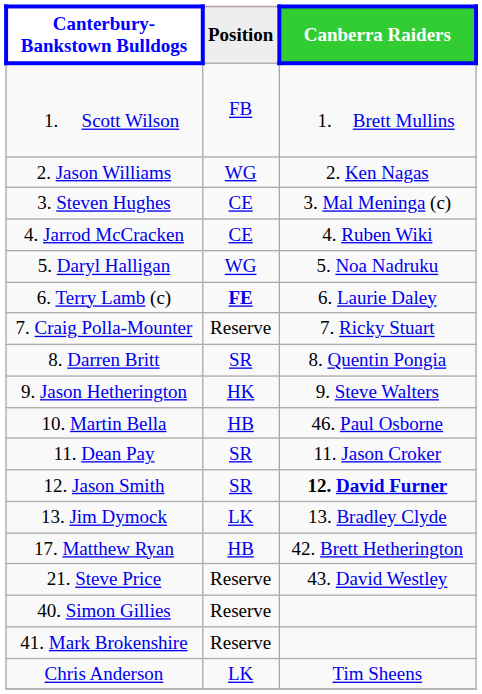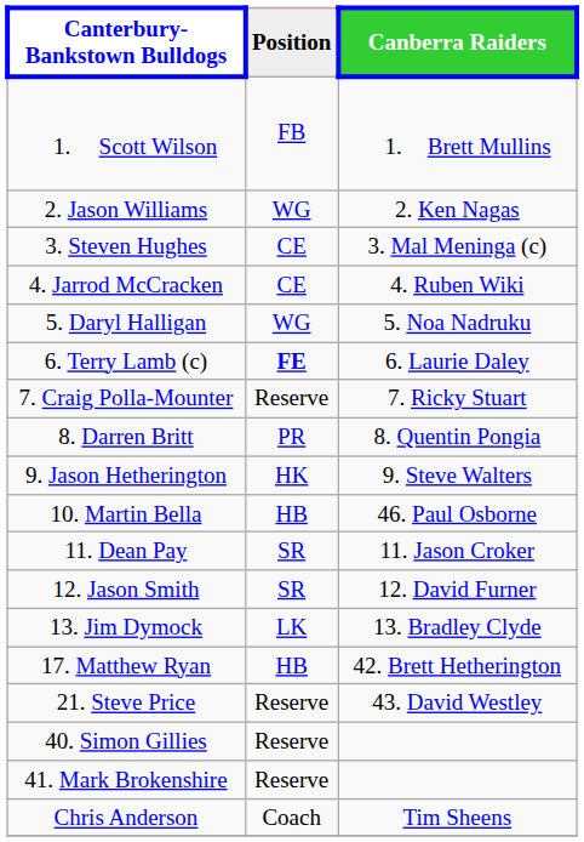 <table align="right" class="wikitable" style="font-size:90%; margin-left:1em">
 <tr bgcolor="#FF0033">
 <th style="width:140px; border:3px solid blue; background: white; color: blue">Canterbury-Bankstown Bulldogs</th>
 <th style="width:40px; text-align:center; background:#eee; color:black;">Position</th>
 <th style="width:140px; border:3px solid blue; background: #32CD32; color: white">Canberra Raiders</th>
 </tr>
 <tr align=center>
 <td><br><ol><li><a href='#'>Scott Wilson</a></li></ol></td>
 <td><a href='#'>FB</a></td>
 <td><br><ol><li><a href='#'>Brett Mullins</a></li></ol></td>
 </tr>
 <tr align=center>
 <td>2. <a href='#'>Jason Williams</a></td>
 <td><a href='#'>WG</a></td>
 <td>2. <a href='#'>Ken Nagas</a></td>
 </tr>
 <tr align=center>
 <td>3. <a href='#'>Steven Hughes</a></td>
 <td><a href='#'>CE</a></td>
 <td>3. <a href='#'>Mal Meninga</a> (c)</td>
 </tr>
 <tr align=center>
 <td>4. <a href='#'>Jarrod McCracken</a></td>
 <td><a href='#'>CE</a></td>
 <td>4. <a href='#'>Ruben Wiki</a></td>
 </tr>
 <tr align=center>
 <td>5. <a href='#'>Daryl Halligan</a></td>
 <td><a href='#'>WG</a></td>
 <td>5. <a href='#'>Noa Nadruku</a></td>
 </tr>
 <tr align=center>
 <td>6. <a href='#'>Terry Lamb</a> (c)</td>
 <td><strong><a href='#'>FE</a></strong></td>
 <td>6. <a href='#'>Laurie Daley</a></td>
 </tr>
 <tr align=center>
 <td>7. <a href='#'>Craig Polla-Mounter</a></td>
 <td>Reserve</td>
 <td>7. <a href='#'>Ricky Stuart</a></td>
 </tr>
 <tr align=center>
 <td>8. <a href='#'>Darren Britt</a></td>
-<td><a href='#'>SR</a></td>
+<td><a href='#'>PR</a></td>
 <td>8. <a href='#'>Quentin Pongia</a></td>
 </tr>
 <tr align=center>
 <td>9. <a href='#'>Jason Hetherington</a></td>
 <td><a href='#'>HK</a></td>
 <td>9. <a href='#'>Steve Walters</a></td>
 </tr>
 <tr align=center>
 <td>10. <a href='#'>Martin Bella</a></td>
 <td><a href='#'>HB</a></td>
 <td>46. <a href='#'>Paul Osborne</a></td>
 </tr>
 <tr align=center>
 <td>11. <a href='#'>Dean Pay</a></td>
 <td><a href='#'>SR</a></td>
 <td>11. <a href='#'>Jason Croker</a></td>
 </tr>
 <tr align=center>
 <td>12. <a href='#'>Jason Smith</a></td>
 <td><a href='#'>SR</a></td>
-<td><strong>12. <a href='#'>David Furner</a></strong></td>
+<td>12. <a href='#'>David Furner</a></td>
 </tr>
 <tr align=center>
 <td>13. <a href='#'>Jim Dymock</a></td>
 <td><a href='#'>LK</a></td>
 <td>13. <a href='#'>Bradley Clyde</a></td>
 </tr>
 <tr align=center>
 <td>17. <a href='#'>Matthew Ryan</a></td>
 <td><a href='#'>HB</a></td>
 <td>42. <a href='#'>Brett Hetherington</a></td>
 </tr>
 <tr align=center>
 <td>21. <a href='#'>Steve Price</a></td>
 <td>Reserve</td>
 <td>43. <a href='#'>David Westley</a></td>
 </tr>
 <tr align=center>
 <td>40. <a href='#'>Simon Gillies</a></td>
 <td>Reserve</td>
 <td></td>
 </tr>
 <tr align=center>
 <td>41. <a href='#'>Mark Brokenshire</a></td>
 <td>Reserve</td>
 <td></td>
 </tr>
 <tr align=center>
 <td><a href='#'>Chris Anderson</a></td>
-<td><a href='#'>LK</a></td>
+<td>Coach</td>
 <td><a href='#'>Tim Sheens</a></td>
 </tr>
 <tr>
 </tr>
 </table>
